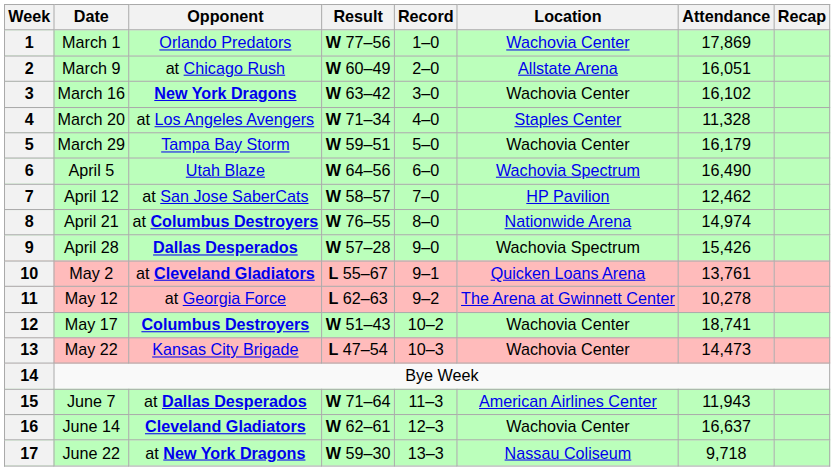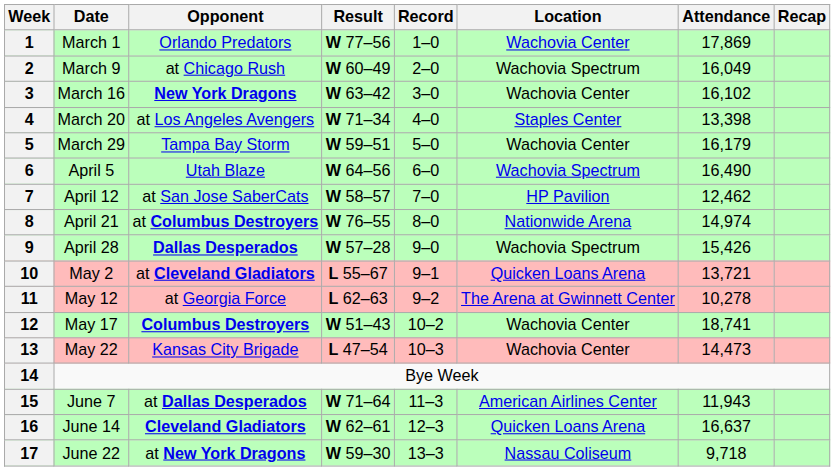 <table class="wikitable" style="text-align:center">
 <tr>
 <th>Week</th>
 <th>Date</th>
 <th>Opponent</th>
 <th>Result</th>
 <th>Record</th>
 <th>Location</th>
 <th>Attendance</th>
 <th>Recap</th>
 </tr>
 <tr bgcolor="#bbffbb">
 <th>1</th>
 <td>March 1</td>
 <td><a href='#'>Orlando Predators</a></td>
 <td><strong>W</strong> 77–56</td>
 <td>1–0</td>
 <td><a href='#'>Wachovia Center</a></td>
 <td>17,869</td>
 <td></td>
 </tr>
 <tr bgcolor="#bbffbb">
 <th>2</th>
 <td>March 9</td>
 <td>at <a href='#'>Chicago Rush</a></td>
 <td><strong>W</strong> 60–49</td>
 <td>2–0</td>
-<td><a href='#'>Allstate Arena</a></td>
-<td>16,051</td>
+<td>Wachovia Spectrum</td>
+<td>16,049</td>
 <td></td>
 </tr>
 <tr bgcolor="#bbffbb">
 <th>3</th>
 <td>March 16</td>
 <td><strong><a href='#'>New York Dragons</a></strong></td>
 <td><strong>W</strong> 63–42</td>
 <td>3–0</td>
 <td>Wachovia Center</td>
 <td>16,102</td>
 <td></td>
 </tr>
 <tr bgcolor="#bbffbb">
 <th>4</th>
 <td>March 20</td>
 <td>at <a href='#'>Los Angeles Avengers</a></td>
 <td><strong>W</strong> 71–34</td>
 <td>4–0</td>
 <td><a href='#'>Staples Center</a></td>
-<td>11,328</td>
+<td>13,398</td>
 <td></td>
 </tr>
 <tr bgcolor="#bbffbb">
 <th>5</th>
 <td>March 29</td>
 <td><a href='#'>Tampa Bay Storm</a></td>
 <td><strong>W</strong> 59–51</td>
 <td>5–0</td>
 <td>Wachovia Center</td>
 <td>16,179</td>
 <td></td>
 </tr>
 <tr bgcolor="#bbffbb">
 <th>6</th>
 <td>April 5</td>
 <td><a href='#'>Utah Blaze</a></td>
 <td><strong>W</strong> 64–56</td>
 <td>6–0</td>
 <td><a href='#'>Wachovia Spectrum</a></td>
 <td>16,490</td>
 <td></td>
 </tr>
 <tr bgcolor="#bbffbb">
 <th>7</th>
 <td>April 12</td>
 <td>at <a href='#'>San Jose SaberCats</a></td>
 <td><strong>W</strong> 58–57</td>
 <td>7–0</td>
 <td><a href='#'>HP Pavilion</a></td>
 <td>12,462</td>
 <td></td>
 </tr>
 <tr bgcolor="#bbffbb">
 <th>8</th>
 <td>April 21</td>
 <td>at <strong><a href='#'>Columbus Destroyers</a></strong></td>
 <td><strong>W</strong> 76–55</td>
 <td>8–0</td>
 <td><a href='#'>Nationwide Arena</a></td>
 <td>14,974</td>
 <td></td>
 </tr>
 <tr bgcolor="#bbffbb">
 <th>9</th>
 <td>April 28</td>
 <td><strong><a href='#'>Dallas Desperados</a></strong></td>
 <td><strong>W</strong> 57–28</td>
 <td>9–0</td>
 <td>Wachovia Spectrum</td>
 <td>15,426</td>
 <td></td>
 </tr>
 <tr bgcolor="#ffbbbb">
 <th>10</th>
 <td>May 2</td>
 <td>at <strong><a href='#'>Cleveland Gladiators</a></strong></td>
 <td><strong>L</strong> 55–67</td>
 <td>9–1</td>
 <td><a href='#'>Quicken Loans Arena</a></td>
-<td>13,761</td>
+<td>13,721</td>
 <td></td>
 </tr>
 <tr bgcolor="#ffbbbb">
 <th>11</th>
 <td>May 12</td>
 <td>at <a href='#'>Georgia Force</a></td>
 <td><strong>L</strong> 62–63</td>
 <td>9–2</td>
 <td><a href='#'>The Arena at Gwinnett Center</a></td>
 <td>10,278</td>
 <td></td>
 </tr>
 <tr bgcolor="#bbffbb">
 <th>12</th>
 <td>May 17</td>
 <td><strong><a href='#'>Columbus Destroyers</a></strong></td>
 <td><strong>W</strong> 51–43</td>
 <td>10–2</td>
 <td>Wachovia Center</td>
 <td>18,741</td>
 <td></td>
 </tr>
 <tr bgcolor="#ffbbbb">
 <th>13</th>
 <td>May 22</td>
 <td><a href='#'>Kansas City Brigade</a></td>
 <td><strong>L</strong> 47–54</td>
 <td>10–3</td>
 <td>Wachovia Center</td>
 <td>14,473</td>
 <td></td>
 </tr>
 <tr>
 <th>14</th>
 <td colspan=7>Bye Week</td>
 </tr>
 <tr bgcolor="#bbffbb">
 <th>15</th>
 <td>June 7</td>
 <td>at <strong><a href='#'>Dallas Desperados</a></strong></td>
 <td><strong>W</strong> 71–64</td>
 <td>11–3</td>
 <td><a href='#'>American Airlines Center</a></td>
 <td>11,943</td>
 <td></td>
 </tr>
 <tr bgcolor="#bbffbb">
 <th>16</th>
 <td>June 14</td>
 <td><strong><a href='#'>Cleveland Gladiators</a></strong></td>
 <td><strong>W</strong> 62–61</td>
 <td>12–3</td>
-<td>Wachovia Center</td>
+<td><a href='#'>Quicken Loans Arena</a></td>
 <td>16,637</td>
 <td></td>
 </tr>
 <tr bgcolor="#bbffbb">
 <th>17</th>
 <td>June 22</td>
 <td>at <strong><a href='#'>New York Dragons</a></strong></td>
 <td><strong>W</strong> 59–30</td>
 <td>13–3</td>
 <td><a href='#'>Nassau Coliseum</a></td>
 <td>9,718</td>
 <td></td>
 </tr>
 </table>
